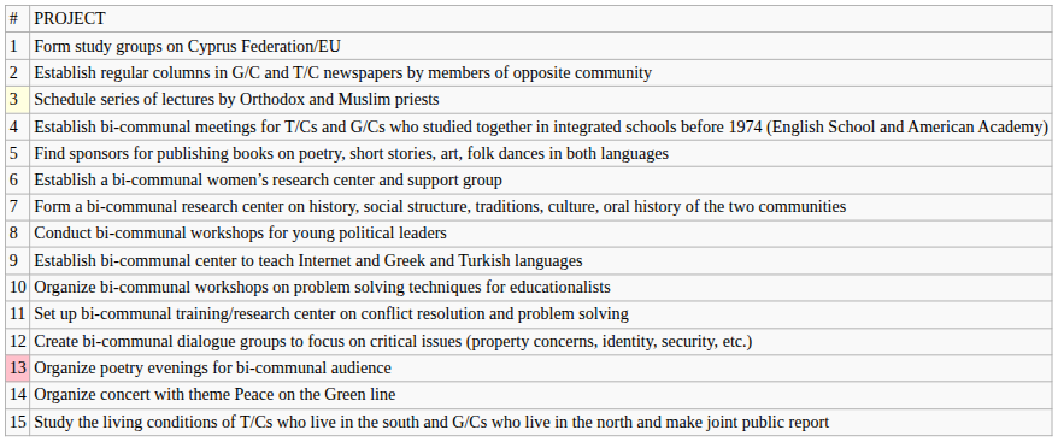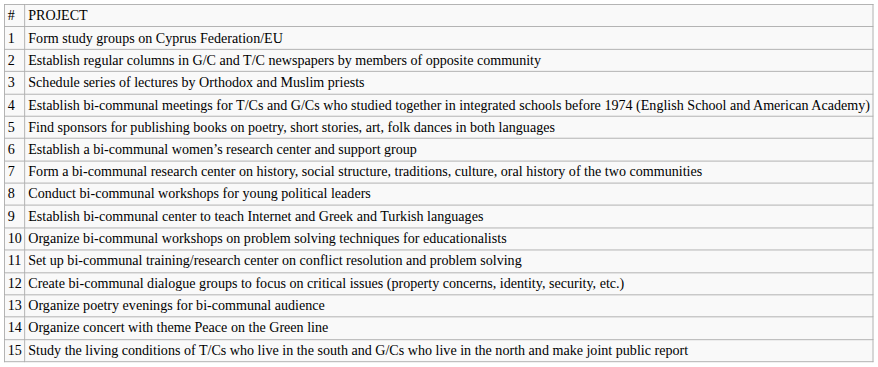 <table class="wikitable">
 <tr>
 <td>#</td>
 <td>PROJECT</td>
 </tr>
 <tr>
 <td>1</td>
 <td>Form study groups on Cyprus Federation/EU</td>
 </tr>
 <tr>
 <td>2</td>
 <td>Establish regular columns in G/C and T/C newspapers by members of opposite community</td>
 </tr>
 <tr>
-<td style="background: lightyellow;">3</td>
+<td>3</td>
 <td>Schedule series of lectures by Orthodox and Muslim priests</td>
 </tr>
 <tr>
 <td>4</td>
 <td>Establish bi-communal meetings for T/Cs and G/Cs who studied together in integrated schools before 1974 (English School and American Academy)</td>
 </tr>
 <tr>
 <td>5</td>
 <td>Find sponsors for publishing books on poetry, short stories, art, folk dances in both languages</td>
 </tr>
 <tr>
 <td>6</td>
 <td>Establish a bi-communal women’s research center and support group</td>
 </tr>
 <tr>
 <td>7</td>
 <td>Form a bi-communal research center on history, social structure, traditions, culture, oral history of the two communities</td>
 </tr>
 <tr>
 <td>8</td>
 <td>Conduct bi-communal workshops for young political leaders</td>
 </tr>
 <tr>
 <td>9</td>
 <td>Establish bi-communal center to teach Internet and Greek and Turkish languages</td>
 </tr>
 <tr>
 <td>10</td>
 <td>Organize bi-communal workshops on problem solving techniques for educationalists</td>
 </tr>
 <tr>
 <td>11</td>
 <td>Set up bi-communal training/research center on conflict resolution and problem solving</td>
 </tr>
 <tr>
 <td>12</td>
 <td>Create bi-communal dialogue groups to focus on critical issues (property concerns, identity, security, etc.)</td>
 </tr>
 <tr>
-<td style="background: pink;">13</td>
+<td>13</td>
 <td>Organize poetry evenings for bi-communal audience</td>
 </tr>
 <tr>
 <td>14</td>
 <td>Organize concert with theme Peace on the Green line</td>
 </tr>
 <tr>
 <td>15</td>
 <td>Study the living conditions of T/Cs who live in the south and G/Cs who live in the north and make joint public report</td>
 </tr>
 </table>
